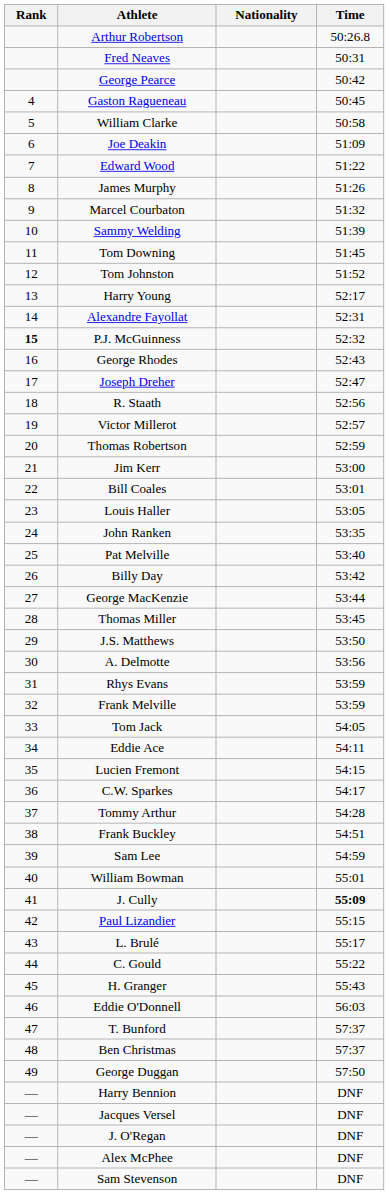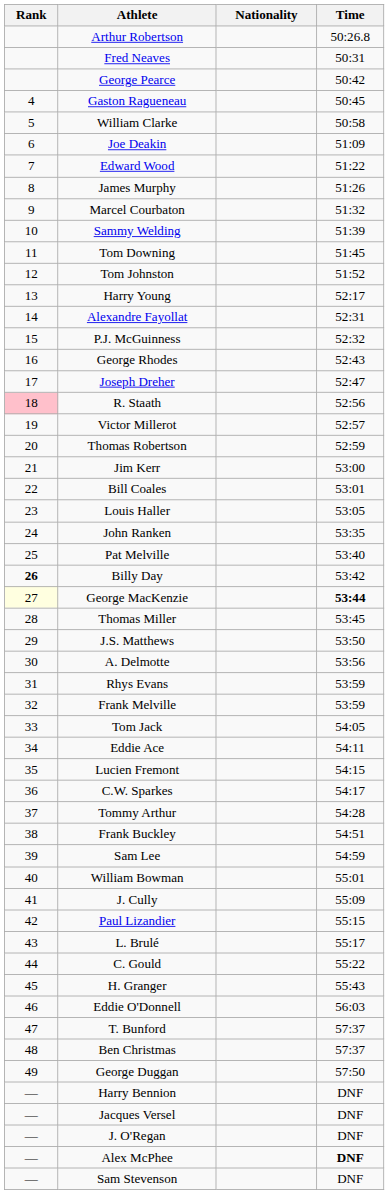 <table class="wikitable sortable" style=" text-align:center; font-size:95%;" width="50%">
 <tr>
 <th>Rank</th>
 <th>Athlete</th>
 <th>Nationality</th>
 <th>Time</th>
 </tr>
 <tr>
 <td align=center></td>
 <td><a href='#'>Arthur Robertson</a></td>
 <td></td>
 <td>50:26.8</td>
 </tr>
 <tr>
 <td align=center></td>
 <td><a href='#'>Fred Neaves</a></td>
 <td></td>
 <td>50:31</td>
 </tr>
 <tr>
 <td align=center></td>
 <td><a href='#'>George Pearce</a></td>
 <td></td>
 <td>50:42</td>
 </tr>
 <tr>
 <td align=center>4</td>
 <td><a href='#'>Gaston Ragueneau</a></td>
 <td></td>
 <td>50:45</td>
 </tr>
 <tr>
 <td align=center>5</td>
 <td>William Clarke</td>
 <td></td>
 <td>50:58</td>
 </tr>
 <tr>
 <td align=center>6</td>
 <td><a href='#'>Joe Deakin</a></td>
 <td></td>
 <td>51:09</td>
 </tr>
 <tr>
 <td align=center>7</td>
 <td><a href='#'>Edward Wood</a></td>
 <td></td>
 <td>51:22</td>
 </tr>
 <tr>
 <td align=center>8</td>
 <td>James Murphy</td>
 <td></td>
 <td>51:26</td>
 </tr>
 <tr>
 <td align=center>9</td>
 <td>Marcel Courbaton</td>
 <td></td>
 <td>51:32</td>
 </tr>
 <tr>
 <td align=center>10</td>
 <td><a href='#'>Sammy Welding</a></td>
 <td></td>
 <td>51:39</td>
 </tr>
 <tr>
 <td align=center>11</td>
 <td>Tom Downing</td>
 <td></td>
 <td>51:45</td>
 </tr>
 <tr>
 <td align=center>12</td>
 <td>Tom Johnston</td>
 <td></td>
 <td>51:52</td>
 </tr>
 <tr>
 <td align=center>13</td>
 <td>Harry Young</td>
 <td></td>
 <td>52:17</td>
 </tr>
 <tr>
 <td align=center>14</td>
 <td><a href='#'>Alexandre Fayollat</a></td>
 <td></td>
 <td>52:31</td>
 </tr>
 <tr>
-<td align=center><strong>15</strong></td>
+<td align=center>15</td>
 <td>P.J. McGuinness</td>
 <td></td>
 <td>52:32</td>
 </tr>
 <tr>
 <td align=center>16</td>
 <td>George Rhodes</td>
 <td></td>
 <td>52:43</td>
 </tr>
 <tr>
 <td align=center>17</td>
 <td><a href='#'>Joseph Dreher</a></td>
 <td></td>
 <td>52:47</td>
 </tr>
 <tr>
-<td align=center>18</td>
+<td align=center style="background: pink;">18</td>
 <td>R. Staath</td>
 <td></td>
 <td>52:56</td>
 </tr>
 <tr>
 <td align=center>19</td>
 <td>Victor Millerot</td>
 <td></td>
 <td>52:57</td>
 </tr>
 <tr>
 <td align=center>20</td>
 <td>Thomas Robertson</td>
 <td></td>
 <td>52:59</td>
 </tr>
 <tr>
 <td align=center>21</td>
 <td>Jim Kerr</td>
 <td></td>
 <td>53:00</td>
 </tr>
 <tr>
 <td align=center>22</td>
 <td>Bill Coales</td>
 <td></td>
 <td>53:01</td>
 </tr>
 <tr>
 <td align=center>23</td>
 <td>Louis Haller</td>
 <td></td>
 <td>53:05</td>
 </tr>
 <tr>
 <td align=center>24</td>
 <td>John Ranken</td>
 <td></td>
 <td>53:35</td>
 </tr>
 <tr>
 <td align=center>25</td>
 <td>Pat Melville</td>
 <td></td>
 <td>53:40</td>
 </tr>
 <tr>
-<td align=center>26</td>
+<td align=center><strong>26</strong></td>
 <td>Billy Day</td>
 <td></td>
 <td>53:42</td>
 </tr>
 <tr>
-<td align=center>27</td>
+<td align=center style="background: lightyellow;">27</td>
 <td>George MacKenzie</td>
 <td></td>
-<td>53:44</td>
+<td><strong>53:44</strong></td>
 </tr>
 <tr>
 <td align=center>28</td>
 <td>Thomas Miller</td>
 <td></td>
 <td>53:45</td>
 </tr>
 <tr>
 <td align=center>29</td>
 <td>J.S. Matthews</td>
 <td></td>
 <td>53:50</td>
 </tr>
 <tr>
 <td align=center>30</td>
 <td>A. Delmotte</td>
 <td></td>
 <td>53:56</td>
 </tr>
 <tr>
 <td align=center>31</td>
 <td>Rhys Evans</td>
 <td></td>
 <td>53:59</td>
 </tr>
 <tr>
 <td align=center>32</td>
 <td>Frank Melville</td>
 <td></td>
 <td>53:59</td>
 </tr>
 <tr>
 <td align=center>33</td>
 <td>Tom Jack</td>
 <td></td>
 <td>54:05</td>
 </tr>
 <tr>
 <td align=center>34</td>
 <td>Eddie Ace</td>
 <td></td>
 <td>54:11</td>
 </tr>
 <tr>
 <td align=center>35</td>
 <td>Lucien Fremont</td>
 <td></td>
 <td>54:15</td>
 </tr>
 <tr>
 <td align=center>36</td>
 <td>C.W. Sparkes</td>
 <td></td>
 <td>54:17</td>
 </tr>
 <tr>
 <td align=center>37</td>
 <td>Tommy Arthur</td>
 <td></td>
 <td>54:28</td>
 </tr>
 <tr>
 <td align=center>38</td>
 <td>Frank Buckley</td>
 <td></td>
 <td>54:51</td>
 </tr>
 <tr>
 <td align=center>39</td>
 <td>Sam Lee</td>
 <td></td>
 <td>54:59</td>
 </tr>
 <tr>
 <td align=center>40</td>
 <td>William Bowman</td>
 <td></td>
 <td>55:01</td>
 </tr>
 <tr>
 <td align=center>41</td>
 <td>J. Cully</td>
 <td></td>
-<td><strong>55:09</strong></td>
+<td>55:09</td>
 </tr>
 <tr>
 <td align=center>42</td>
 <td><a href='#'>Paul Lizandier</a></td>
 <td></td>
 <td>55:15</td>
 </tr>
 <tr>
 <td align=center>43</td>
 <td>L. Brulé</td>
 <td></td>
 <td>55:17</td>
 </tr>
 <tr>
 <td align=center>44</td>
 <td>C. Gould</td>
 <td></td>
 <td>55:22</td>
 </tr>
 <tr>
 <td align=center>45</td>
 <td>H. Granger</td>
 <td></td>
 <td>55:43</td>
 </tr>
 <tr>
 <td align=center>46</td>
 <td>Eddie O'Donnell</td>
 <td></td>
 <td>56:03</td>
 </tr>
 <tr>
 <td align=center>47</td>
 <td>T. Bunford</td>
 <td></td>
 <td>57:37</td>
 </tr>
 <tr>
 <td align=center>48</td>
 <td>Ben Christmas</td>
 <td></td>
 <td>57:37</td>
 </tr>
 <tr>
 <td align=center>49</td>
 <td>George Duggan</td>
 <td></td>
 <td>57:50</td>
 </tr>
 <tr>
 <td align=center>—</td>
 <td>Harry Bennion</td>
 <td></td>
 <td>DNF</td>
 </tr>
 <tr>
 <td align=center>—</td>
 <td>Jacques Versel</td>
 <td></td>
 <td>DNF</td>
 </tr>
 <tr>
 <td align=center>—</td>
 <td>J. O'Regan</td>
 <td></td>
 <td>DNF</td>
 </tr>
 <tr>
 <td align=center>—</td>
 <td>Alex McPhee</td>
 <td></td>
-<td>DNF</td>
+<td><strong>DNF</strong></td>
 </tr>
 <tr>
 <td align=center>—</td>
 <td>Sam Stevenson</td>
 <td></td>
 <td>DNF</td>
 </tr>
 </table>
